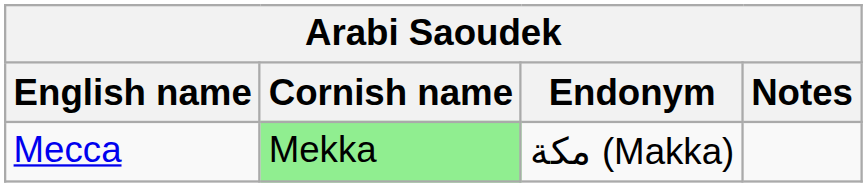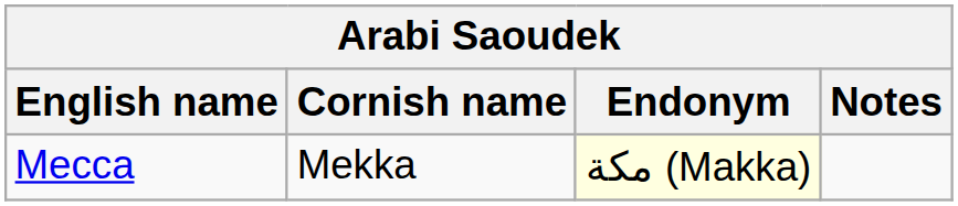 <table class="wikitable sortable">
 <tr>
 <th colspan="24"> Arabi Saoudek</th>
 </tr>
 <tr>
 <th>English name</th>
 <th>Cornish name</th>
 <th>Endonym</th>
 <th>Notes</th>
 </tr>
 <tr>
 <td><a href='#'>Mecca</a></td>
-<td style="background: lightgreen;">Mekka</td>
-<td>مكة (Makka)</td>
+<td>Mekka</td>
+<td style="background: lightyellow;">مكة (Makka)</td>
 <td></td>
 </tr>
 </table>
